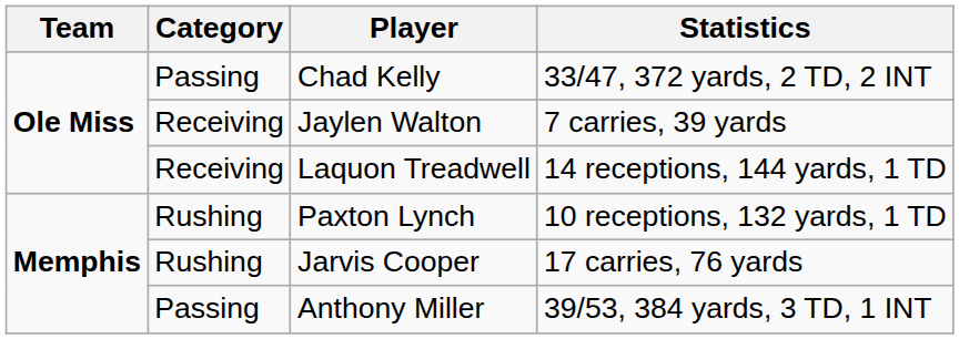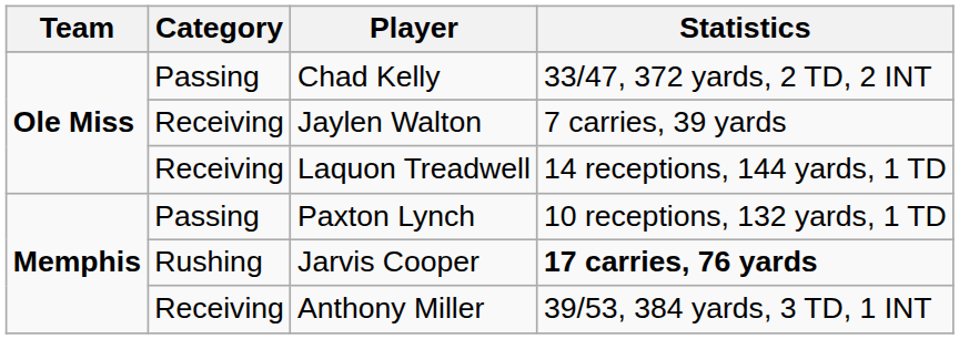 <table class="wikitable" style="float: right;">
 <tr>
 <th>Team</th>
 <th>Category</th>
 <th>Player</th>
 <th>Statistics</th>
 </tr>
 <tr>
 <td rowspan=3><strong>Ole Miss</strong></td>
 <td>Passing</td>
 <td>Chad Kelly</td>
 <td>33/47, 372 yards, 2 TD, 2 INT</td>
 </tr>
 <tr>
 <td>Receiving</td>
 <td>Jaylen Walton</td>
 <td>7 carries, 39 yards</td>
 </tr>
 <tr>
 <td>Receiving</td>
 <td>Laquon Treadwell</td>
 <td>14 receptions, 144 yards, 1 TD</td>
 </tr>
 <tr>
 <td rowspan=3><strong>Memphis</strong></td>
-<td>Rushing</td>
+<td>Passing</td>
 <td>Paxton Lynch</td>
 <td>10 receptions, 132 yards, 1 TD</td>
 </tr>
 <tr>
 <td>Rushing</td>
 <td>Jarvis Cooper</td>
-<td>17 carries, 76 yards</td>
+<td><strong>17 carries, 76 yards</strong></td>
 </tr>
 <tr>
-<td>Passing</td>
+<td>Receiving</td>
 <td>Anthony Miller</td>
 <td>39/53, 384 yards, 3 TD, 1 INT</td>
 </tr>
 </table>
